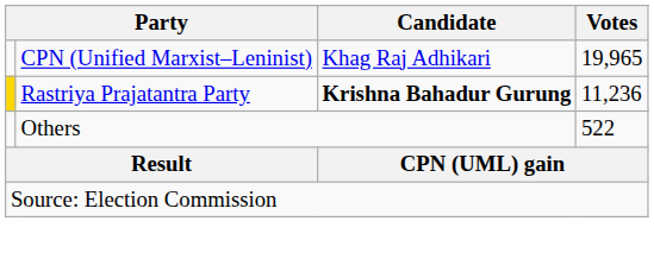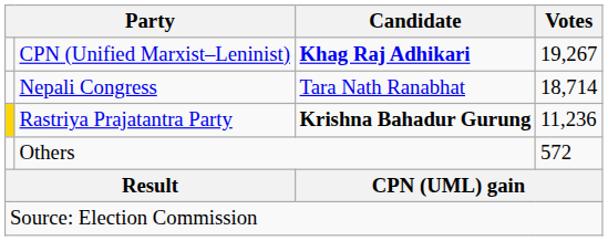 <table class="wikitable">
 <tr>
 <th colspan="2">Party</th>
 <th>Candidate</th>
 <th>Votes</th>
 </tr>
 <tr>
 <td style="background-color:"></td>
 <td><a href='#'>CPN (Unified Marxist–Leninist)</a></td>
-<td><a href='#'>Khag Raj Adhikari</a></td>
-<td>19,965</td>
+<td><strong><a href='#'>Khag Raj Adhikari</a></strong></td>
+<td>19,267</td>
+</tr>
+<tr>
+<td style="background-color:"></td>
+<td><a href='#'>Nepali Congress</a></td>
+<td><a href='#'>Tara Nath Ranabhat</a></td>
+<td>18,714</td>
 </tr>
 <tr>
 <td style="background-color:gold"></td>
 <td><a href='#'>Rastriya Prajatantra Party</a></td>
 <td><strong>Krishna Bahadur Gurung</strong></td>
 <td>11,236</td>
 </tr>
 <tr>
 <td></td>
 <td colspan="2">Others</td>
-<td>522</td>
+<td>572</td>
 </tr>
 <tr>
 <th colspan="2">Result</th>
 <th colspan="2">CPN (UML) gain</th>
 </tr>
 <tr>
 <td colspan="4">Source: Election Commission</td>
 </tr>
 </table>
